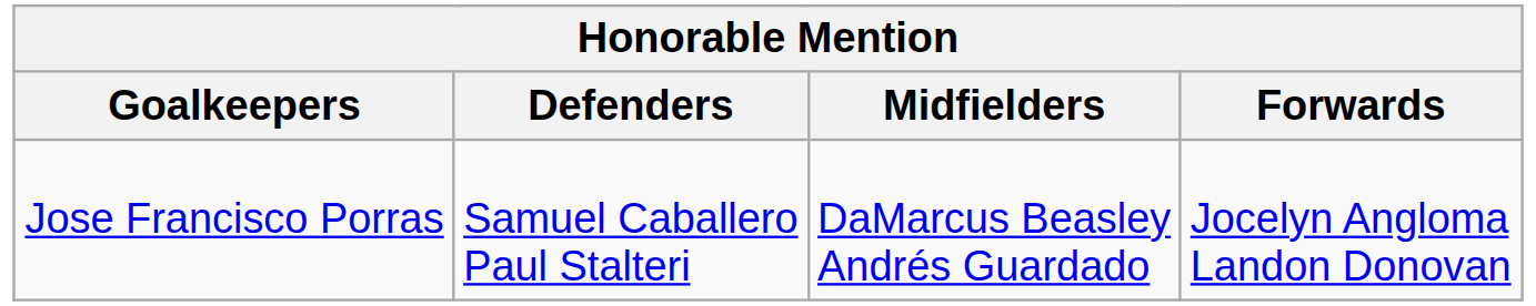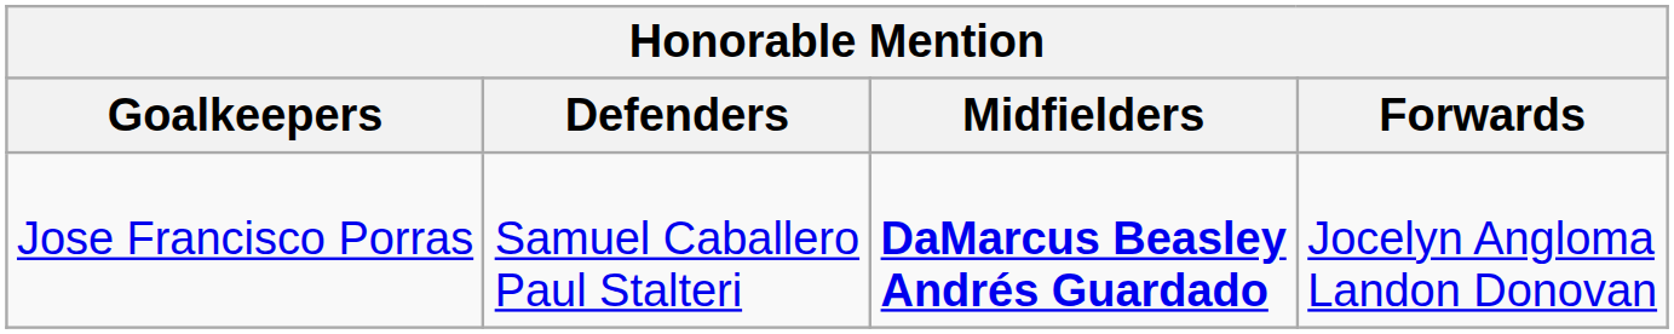 <table class="wikitable" style="margin: 0 auto;">
 <tr>
 <th colspan=4>Honorable Mention</th>
 </tr>
 <tr>
 <th>Goalkeepers</th>
 <th>Defenders</th>
 <th>Midfielders</th>
 <th>Forwards</th>
 </tr>
 <tr>
 <td align=left valign=top><br> <a href='#'>Jose Francisco Porras</a></td>
 <td align=left valign=top><br> <a href='#'>Samuel Caballero</a> <br>  <a href='#'>Paul Stalteri</a></td>
-<td align=left valign=top><br> <a href='#'>DaMarcus Beasley</a><br>  <a href='#'>Andrés Guardado</a></td>
+<td align=left valign=top><strong><br> <a href='#'>DaMarcus Beasley</a><br>  <a href='#'>Andrés Guardado</a></strong></td>
 <td align=left valign=top><br> <a href='#'>Jocelyn Angloma</a> <br>  <a href='#'>Landon Donovan</a></td>
 </tr>
 </table>
